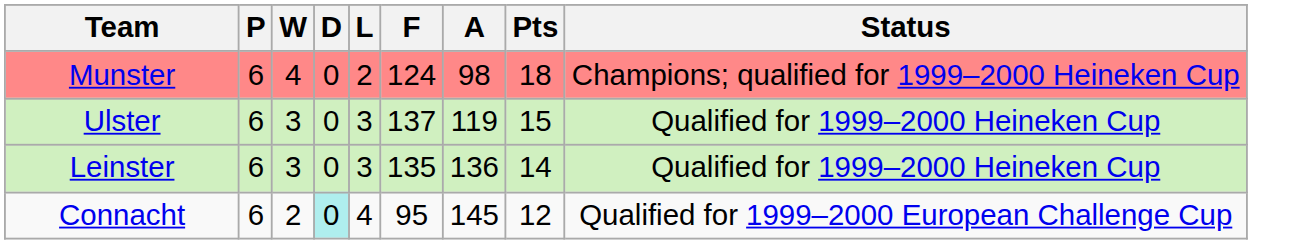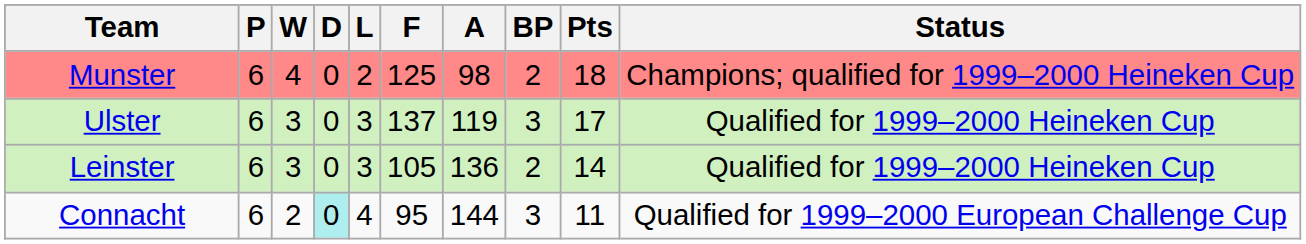 <table class="wikitable" style="text-align:center;">
 <tr>
 <th width="120px">Team</th>
 <th>P</th>
 <th>W</th>
 <th>D</th>
 <th>L</th>
 <th width="23px">F</th>
 <th width="23px">A</th>
+<th>BP</th>
 <th width="23px">Pts</th>
 <th>Status</th>
 </tr>
 <tr bgcolor="#FF8888">
 <td> <a href='#'>Munster</a></td>
 <td>6</td>
 <td>4</td>
 <td>0</td>
 <td>2</td>
-<td>124</td>
+<td>125</td>
 <td>98</td>
+<td>2</td>
 <td>18</td>
 <td>Champions; qualified for <a href='#'>1999–2000 Heineken Cup</a></td>
 </tr>
 <tr bgcolor="#D0F0C0">
 <td> <a href='#'>Ulster</a></td>
 <td>6</td>
 <td>3</td>
 <td>0</td>
 <td>3</td>
 <td>137</td>
 <td>119</td>
-<td>15</td>
+<td>3</td>
+<td>17</td>
 <td>Qualified for <a href='#'>1999–2000 Heineken Cup</a></td>
 </tr>
 <tr bgcolor="#D0F0C0">
 <td> <a href='#'>Leinster</a></td>
 <td>6</td>
 <td>3</td>
 <td>0</td>
 <td>3</td>
-<td>135</td>
+<td>105</td>
 <td>136</td>
+<td>2</td>
 <td>14</td>
 <td>Qualified for <a href='#'>1999–2000 Heineken Cup</a></td>
 </tr>
 <tr>
 <td> <a href='#'>Connacht</a></td>
 <td>6</td>
 <td>2</td>
 <td style="background: paleturquoise;">0</td>
 <td>4</td>
 <td>95</td>
-<td>145</td>
-<td>12</td>
+<td>144</td>
+<td>3</td>
+<td>11</td>
 <td>Qualified for <a href='#'>1999–2000 European Challenge Cup</a></td>
 </tr>
 </table>
